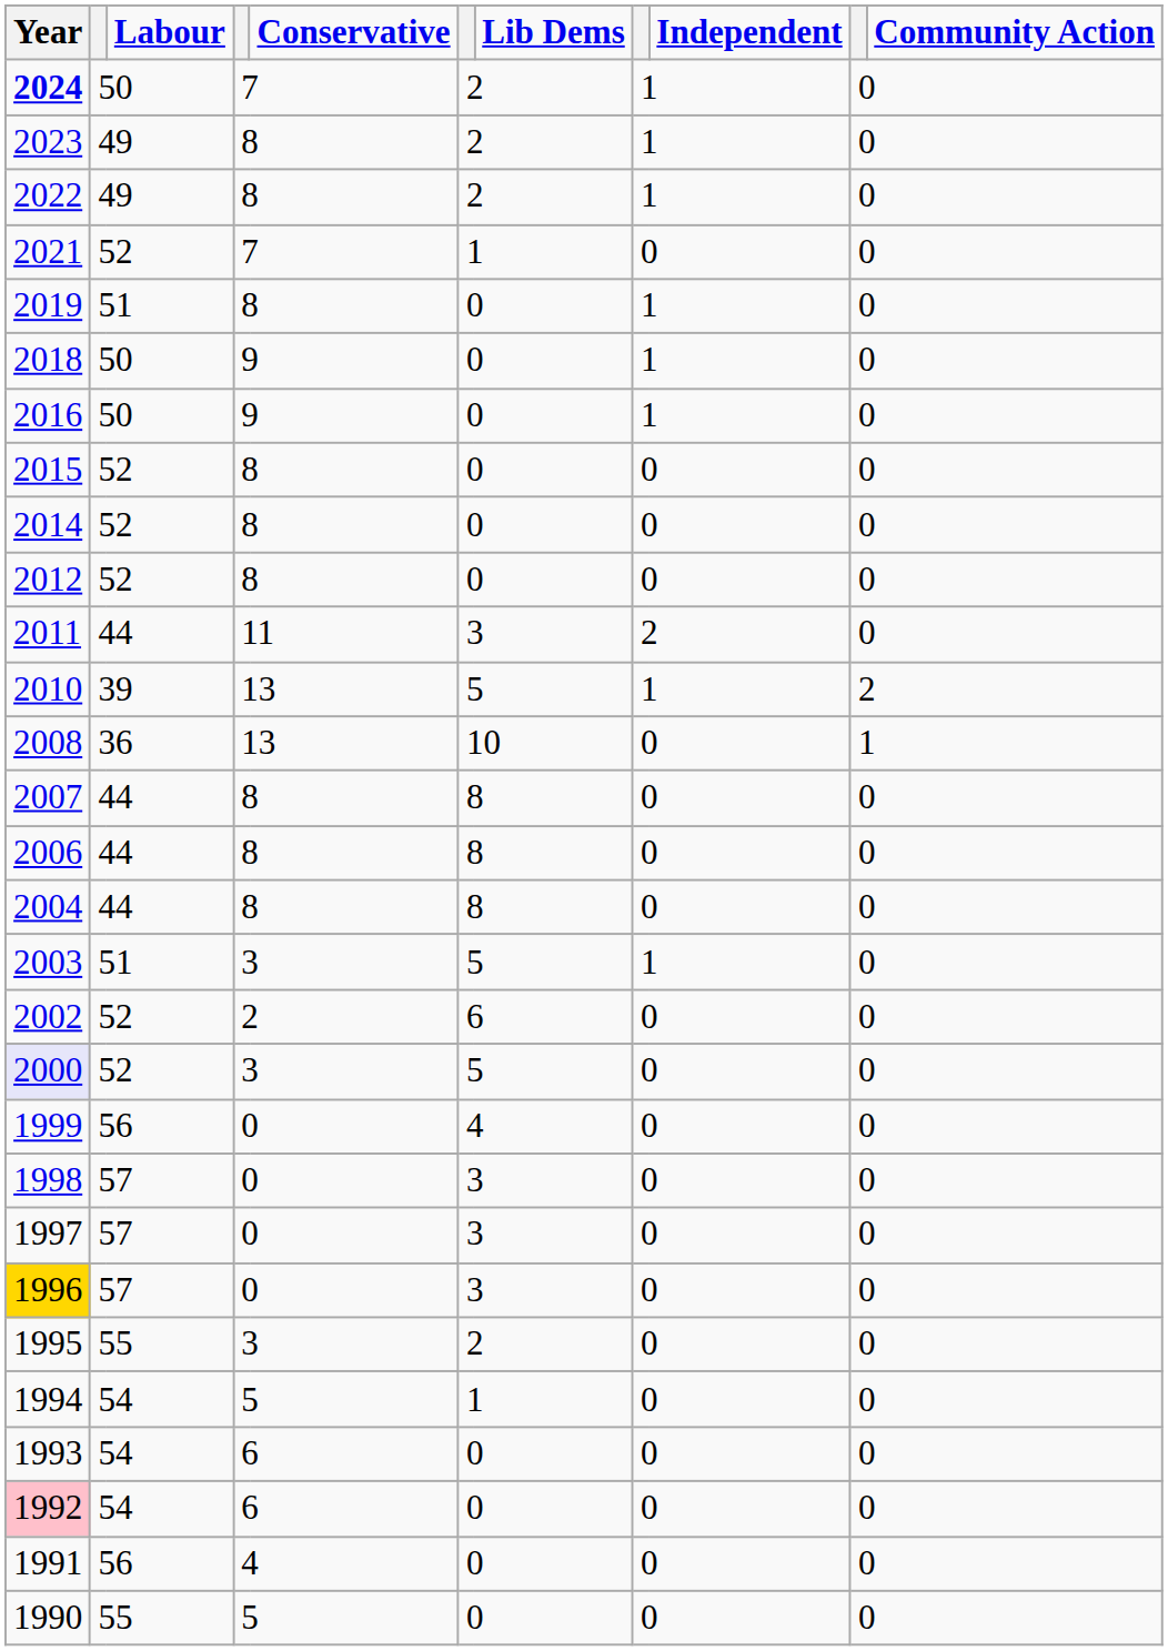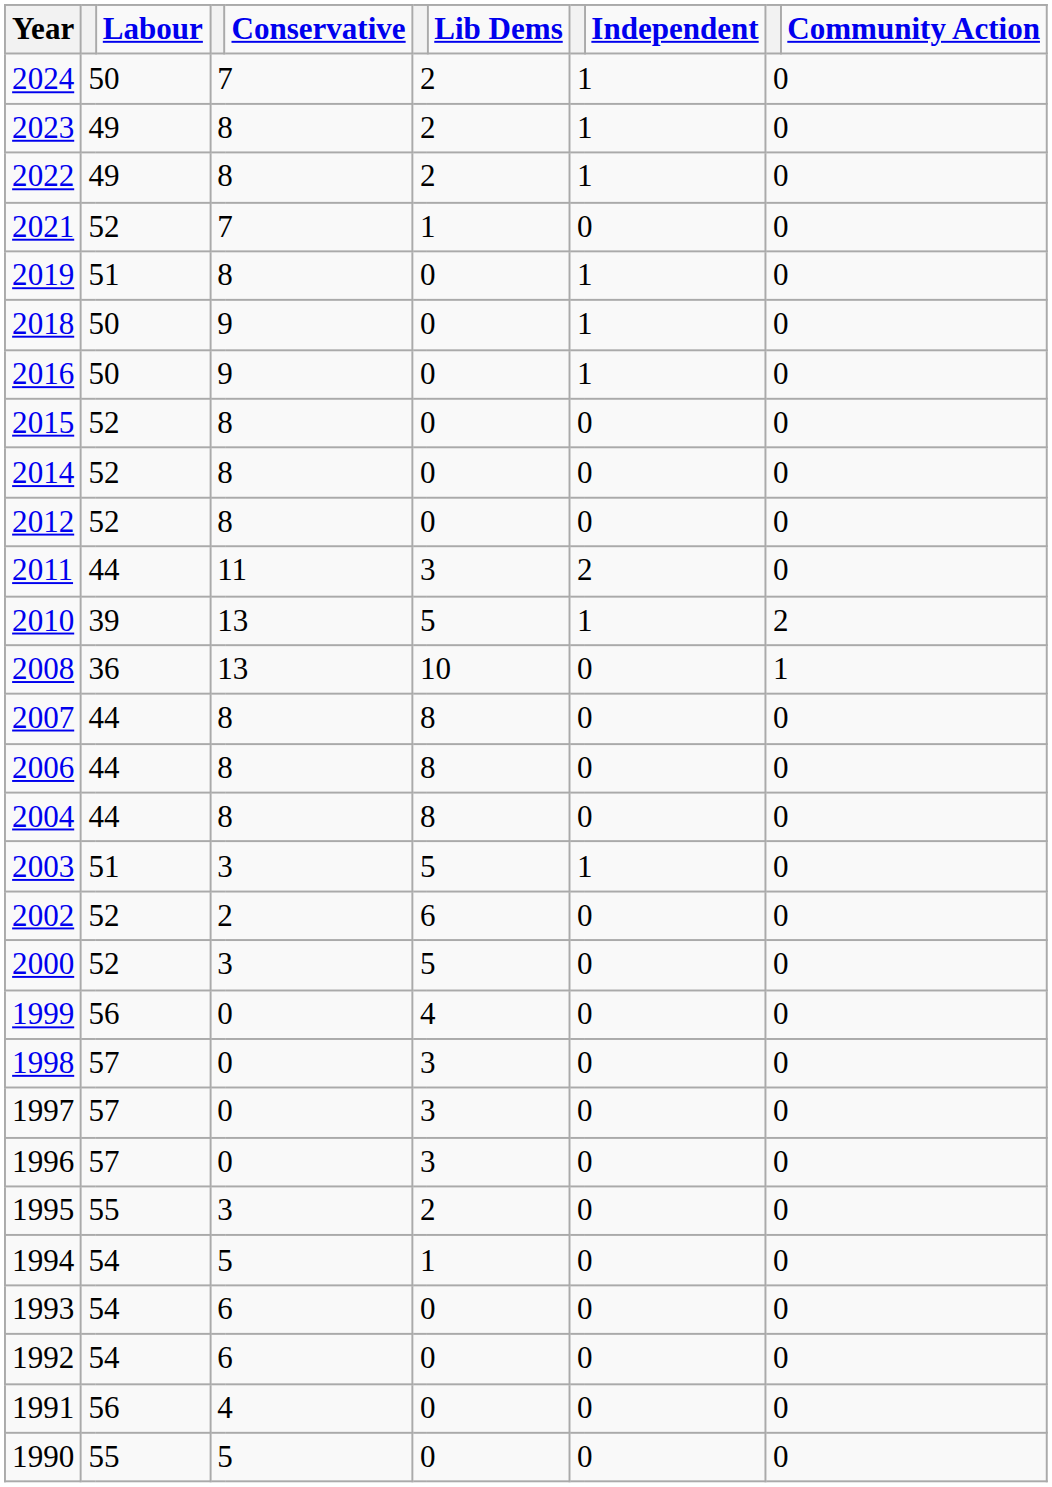 <table class="wikitable">
 <tr>
 <th>Year</th>
 <th style="background-color: "></th>
 <td><strong><a href='#'>Labour</a></strong></td>
 <th style="background-color: "></th>
 <td><strong><a href='#'>Conservative</a></strong></td>
 <th style="background-color: "></th>
 <td><strong><a href='#'>Lib Dems</a></strong></td>
 <th style="background-color: "></th>
 <td><strong><a href='#'>Independent</a></strong></td>
 <th style="background-color: "></th>
 <td><strong><a href='#'>Community Action</a></strong></td>
 </tr>
 <tr>
-<td><strong><a href='#'>2024</a></strong></td>
+<td><a href='#'>2024</a></td>
 <td colspan=2>50</td>
 <td colspan=2>7</td>
 <td colspan=2>2</td>
 <td colspan=2>1</td>
 <td colspan=2>0</td>
 </tr>
 <tr>
 <td><a href='#'>2023</a></td>
 <td colspan=2>49</td>
 <td colspan=2>8</td>
 <td colspan=2>2</td>
 <td colspan=2>1</td>
 <td colspan=2>0</td>
 </tr>
 <tr>
 <td><a href='#'>2022</a></td>
 <td colspan=2>49</td>
 <td colspan=2>8</td>
 <td colspan=2>2</td>
 <td colspan=2>1</td>
 <td colspan=2>0</td>
 </tr>
 <tr>
 <td><a href='#'>2021</a></td>
 <td colspan=2>52</td>
 <td colspan=2>7</td>
 <td colspan=2>1</td>
 <td colspan=2>0</td>
 <td colspan=2>0</td>
 </tr>
 <tr>
 <td><a href='#'>2019</a></td>
 <td colspan=2>51</td>
 <td colspan=2>8</td>
 <td colspan=2>0</td>
 <td colspan=2>1</td>
 <td colspan=2>0</td>
 </tr>
 <tr>
 <td><a href='#'>2018</a></td>
 <td colspan=2>50</td>
 <td colspan=2>9</td>
 <td colspan=2>0</td>
 <td colspan=2>1</td>
 <td colspan=2>0</td>
 </tr>
 <tr>
 <td><a href='#'>2016</a></td>
 <td colspan=2>50</td>
 <td colspan=2>9</td>
 <td colspan=2>0</td>
 <td colspan=2>1</td>
 <td colspan=2>0</td>
 </tr>
 <tr>
 <td><a href='#'>2015</a></td>
 <td colspan=2>52</td>
 <td colspan=2>8</td>
 <td colspan=2>0</td>
 <td colspan=2>0</td>
 <td colspan=2>0</td>
 </tr>
 <tr>
 <td><a href='#'>2014</a></td>
 <td colspan=2>52</td>
 <td colspan=2>8</td>
 <td colspan=2>0</td>
 <td colspan=2>0</td>
 <td colspan=2>0</td>
 </tr>
 <tr>
 <td><a href='#'>2012</a></td>
 <td colspan=2>52</td>
 <td colspan=2>8</td>
 <td colspan=2>0</td>
 <td colspan=2>0</td>
 <td colspan=2>0</td>
 </tr>
 <tr>
 <td><a href='#'>2011</a></td>
 <td colspan=2>44</td>
 <td colspan=2>11</td>
 <td colspan=2>3</td>
 <td colspan=2>2</td>
 <td colspan=2>0</td>
 </tr>
 <tr>
 <td><a href='#'>2010</a></td>
 <td colspan=2>39</td>
 <td colspan=2>13</td>
 <td colspan=2>5</td>
 <td colspan=2>1</td>
 <td colspan=2>2</td>
 </tr>
 <tr>
 <td><a href='#'>2008</a></td>
 <td colspan=2>36</td>
 <td colspan=2>13</td>
 <td colspan=2>10</td>
 <td colspan=2>0</td>
 <td colspan=2>1</td>
 </tr>
 <tr>
 <td><a href='#'>2007</a></td>
 <td colspan=2>44</td>
 <td colspan=2>8</td>
 <td colspan=2>8</td>
 <td colspan=2>0</td>
 <td colspan=2>0</td>
 </tr>
 <tr>
 <td><a href='#'>2006</a></td>
 <td colspan=2>44</td>
 <td colspan=2>8</td>
 <td colspan=2>8</td>
 <td colspan=2>0</td>
 <td colspan=2>0</td>
 </tr>
 <tr>
 <td><a href='#'>2004</a></td>
 <td colspan=2>44</td>
 <td colspan=2>8</td>
 <td colspan=2>8</td>
 <td colspan=2>0</td>
 <td colspan=2>0</td>
 </tr>
 <tr>
 <td><a href='#'>2003</a></td>
 <td colspan=2>51</td>
 <td colspan=2>3</td>
 <td colspan=2>5</td>
 <td colspan=2>1</td>
 <td colspan=2>0</td>
 </tr>
 <tr>
 <td><a href='#'>2002</a></td>
 <td colspan=2>52</td>
 <td colspan=2>2</td>
 <td colspan=2>6</td>
 <td colspan=2>0</td>
 <td colspan=2>0</td>
 </tr>
 <tr>
-<td style="background: lavender;"><a href='#'>2000</a></td>
+<td><a href='#'>2000</a></td>
 <td colspan=2>52</td>
 <td colspan=2>3</td>
 <td colspan=2>5</td>
 <td colspan=2>0</td>
 <td colspan=2>0</td>
 </tr>
 <tr>
 <td><a href='#'>1999</a></td>
 <td colspan=2>56</td>
 <td colspan=2>0</td>
 <td colspan=2>4</td>
 <td colspan=2>0</td>
 <td colspan=2>0</td>
 </tr>
 <tr>
 <td><a href='#'>1998</a></td>
 <td colspan=2>57</td>
 <td colspan=2>0</td>
 <td colspan=2>3</td>
 <td colspan=2>0</td>
 <td colspan=2>0</td>
 </tr>
 <tr>
 <td>1997</td>
 <td colspan="2">57</td>
 <td colspan="2">0</td>
 <td colspan="2">3</td>
 <td colspan="2">0</td>
 <td colspan="2">0</td>
 </tr>
 <tr>
-<td style="background: gold;">1996</td>
+<td>1996</td>
 <td colspan="2">57</td>
 <td colspan="2">0</td>
 <td colspan="2">3</td>
 <td colspan="2">0</td>
 <td colspan="2">0</td>
 </tr>
 <tr>
 <td>1995</td>
 <td colspan="2">55</td>
 <td colspan="2">3</td>
 <td colspan="2">2</td>
 <td colspan="2">0</td>
 <td colspan="2">0</td>
 </tr>
 <tr>
 <td>1994</td>
 <td colspan="2">54</td>
 <td colspan="2">5</td>
 <td colspan="2">1</td>
 <td colspan="2">0</td>
 <td colspan="2">0</td>
 </tr>
 <tr>
 <td>1993</td>
 <td colspan="2">54</td>
 <td colspan="2">6</td>
 <td colspan="2">0</td>
 <td colspan="2">0</td>
 <td colspan="2">0</td>
 </tr>
 <tr>
-<td style="background: pink;">1992</td>
+<td>1992</td>
 <td colspan="2">54</td>
 <td colspan="2">6</td>
 <td colspan="2">0</td>
 <td colspan="2">0</td>
 <td colspan="2">0</td>
 </tr>
 <tr>
 <td>1991</td>
 <td colspan="2">56</td>
 <td colspan="2">4</td>
 <td colspan="2">0</td>
 <td colspan="2">0</td>
 <td colspan="2">0</td>
 </tr>
 <tr>
 <td>1990</td>
 <td colspan="2">55</td>
 <td colspan="2">5</td>
 <td colspan="2">0</td>
 <td colspan="2">0</td>
 <td colspan="2">0</td>
 </tr>
 </table>
